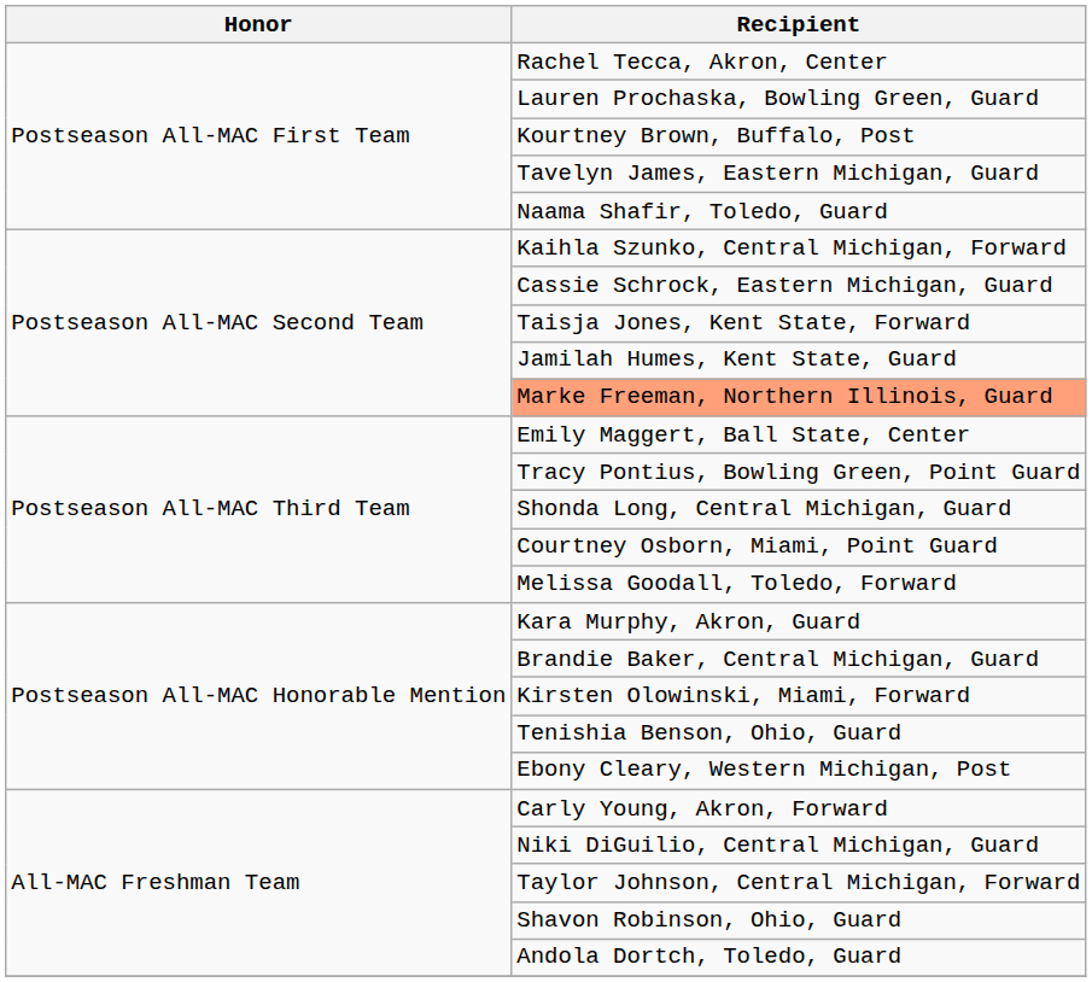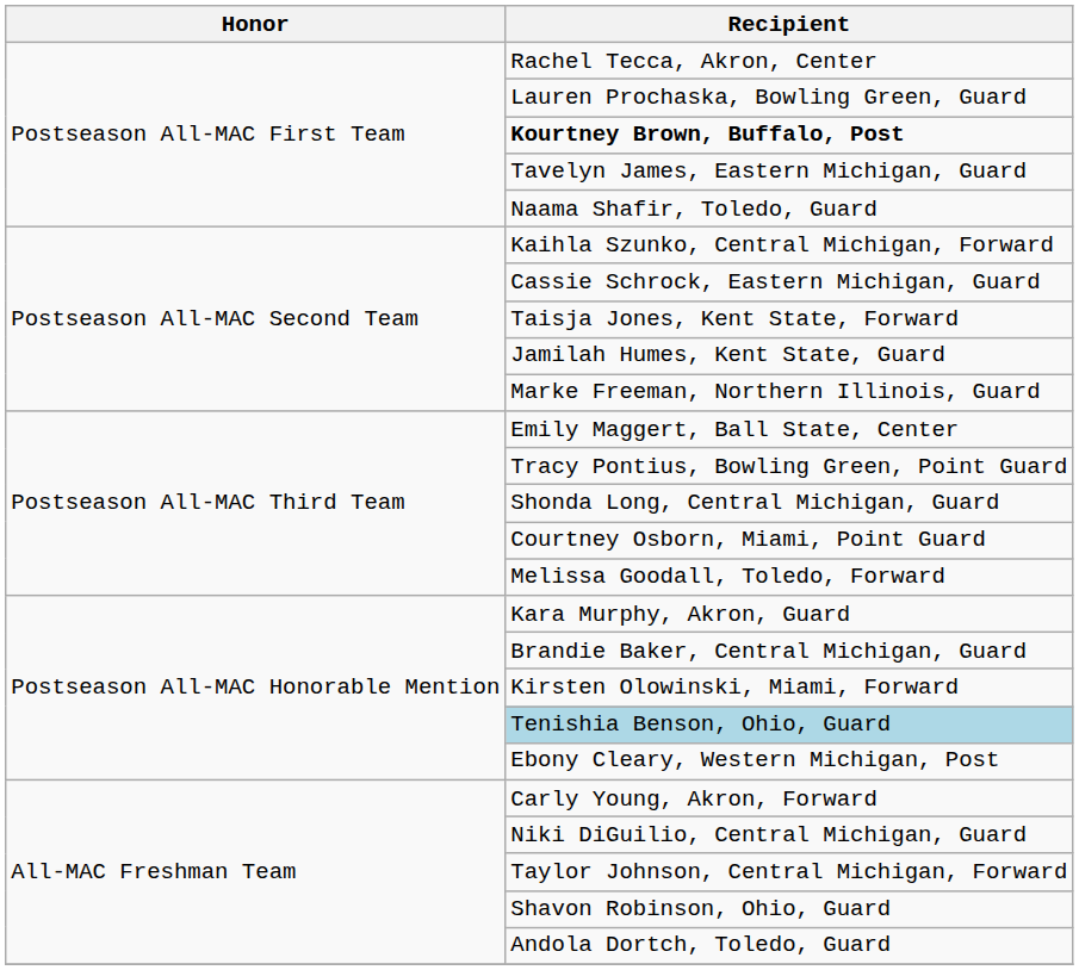 <table class="wikitable" border="1">
 <tr>
 <th>Honor</th>
 <th>Recipient</th>
 </tr>
 <tr>
 <td rowspan=5 valign=middle>Postseason All-MAC First Team</td>
 <td>Rachel Tecca, Akron, Center</td>
 </tr>
 <tr>
 <td>Lauren Prochaska, Bowling Green, Guard</td>
 </tr>
 <tr>
-<td>Kourtney Brown, Buffalo, Post</td>
+<td><strong>Kourtney Brown, Buffalo, Post</strong></td>
 </tr>
 <tr>
 <td>Tavelyn James, Eastern Michigan, Guard</td>
 </tr>
 <tr>
 <td>Naama Shafir, Toledo, Guard</td>
 </tr>
 <tr>
 <td rowspan=5 valign=middle>Postseason All-MAC Second Team</td>
 <td>Kaihla Szunko, Central Michigan, Forward</td>
 </tr>
 <tr>
 <td>Cassie Schrock, Eastern Michigan, Guard</td>
 </tr>
 <tr>
 <td>Taisja Jones, Kent State, Forward</td>
 </tr>
 <tr>
 <td>Jamilah Humes, Kent State, Guard</td>
 </tr>
 <tr>
-<td style="background: lightsalmon;">Marke Freeman, Northern Illinois, Guard</td>
+<td>Marke Freeman, Northern Illinois, Guard</td>
 </tr>
 <tr>
 <td rowspan=5 valign=middle>Postseason All-MAC Third Team</td>
 <td>Emily Maggert, Ball State, Center</td>
 </tr>
 <tr>
 <td>Tracy Pontius, Bowling Green, Point Guard</td>
 </tr>
 <tr>
 <td>Shonda Long, Central Michigan, Guard</td>
 </tr>
 <tr>
 <td>Courtney Osborn, Miami, Point Guard</td>
 </tr>
 <tr>
 <td>Melissa Goodall, Toledo, Forward</td>
 </tr>
 <tr>
 <td rowspan=5 valign=middle>Postseason All-MAC Honorable Mention</td>
 <td>Kara Murphy, Akron, Guard</td>
 </tr>
 <tr>
 <td>Brandie Baker, Central Michigan, Guard</td>
 </tr>
 <tr>
 <td>Kirsten Olowinski, Miami, Forward</td>
 </tr>
 <tr>
-<td>Tenishia Benson, Ohio, Guard</td>
+<td style="background: lightblue;">Tenishia Benson, Ohio, Guard</td>
 </tr>
 <tr>
 <td>Ebony Cleary, Western Michigan, Post</td>
 </tr>
 <tr>
 <td rowspan=5 valign=middle>All-MAC Freshman Team</td>
 <td>Carly Young, Akron, Forward</td>
 </tr>
 <tr>
 <td>Niki DiGuilio, Central Michigan, Guard</td>
 </tr>
 <tr>
 <td>Taylor Johnson, Central Michigan, Forward</td>
 </tr>
 <tr>
 <td>Shavon Robinson, Ohio, Guard</td>
 </tr>
 <tr>
 <td>Andola Dortch, Toledo, Guard</td>
 </tr>
 <tr>
 </tr>
 </table>
